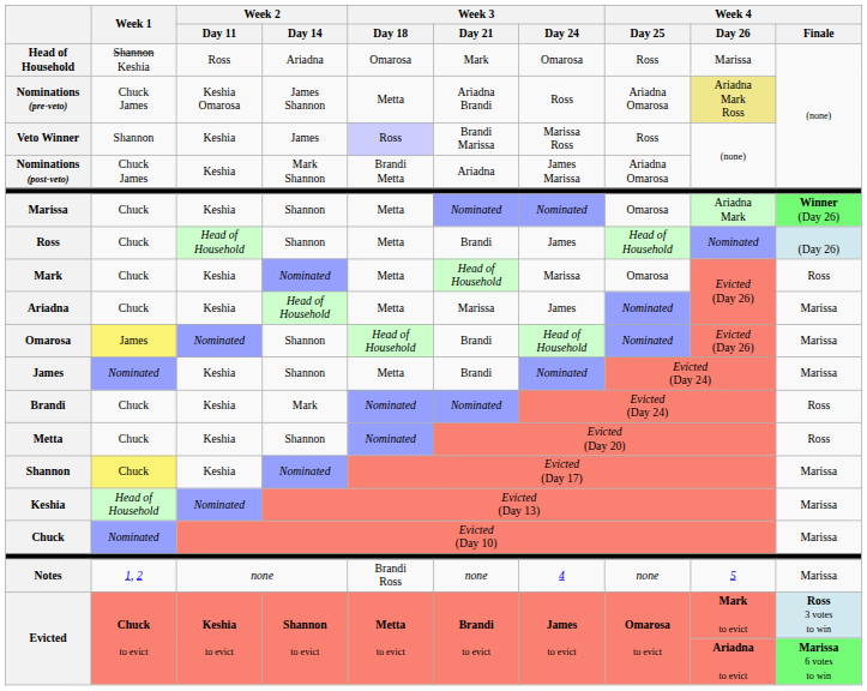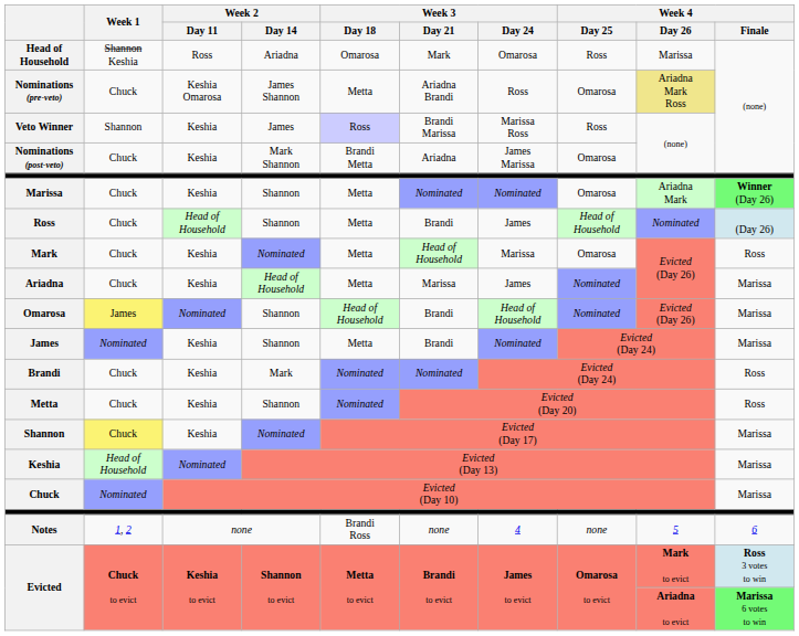 <table class="wikitable" style="text-align:center; font-size:85%">
 <tr>
 <th style="width:8%" rowspan="2"></th>
 <th style="width:8%" rowspan="2">Week 1</th>
 <th style="width:8%" colspan=2>Week 2</th>
 <th style="width:8%" colspan=3>Week 3</th>
 <th style="width:8%" colspan=3>Week 4</th>
 </tr>
 <tr>
 <th style="width:8%">Day 11</th>
 <th style="width:8%">Day 14</th>
 <th style="width:8%">Day 18</th>
 <th style="width:8%">Day 21</th>
 <th style="width:8%">Day 24</th>
 <th style="width:8%">Day 25</th>
 <th style="width:8%">Day 26</th>
 <th style="width:8%">Finale</th>
 </tr>
 <tr>
 <th>Head of<br>Household</th>
 <td><s>Shannon</s> <br> Keshia</td>
 <td>Ross</td>
 <td>Ariadna</td>
 <td>Omarosa</td>
 <td>Mark</td>
 <td>Omarosa</td>
 <td>Ross</td>
 <td>Marissa</td>
 <td rowspan="4"><small>(none)</small></td>
 </tr>
 <tr>
 <th>Nominations<br><small><em>(pre-veto)</em></small></th>
-<td>Chuck<br>James</td>
+<td>Chuck</td>
 <td>Keshia<br>Omarosa</td>
 <td>James<br>Shannon</td>
 <td>Metta</td>
 <td>Ariadna<br>Brandi</td>
 <td>Ross</td>
-<td>Ariadna<br>Omarosa</td>
+<td>Omarosa</td>
 <td style="background: khaki;">Ariadna<br>Mark<br>Ross</td>
 </tr>
 <tr>
 <th>Veto Winner</th>
 <td>Shannon</td>
 <td>Keshia</td>
 <td>James</td>
 <td style="background:#ccf">Ross</td>
 <td>Brandi<br>Marissa</td>
 <td>Marissa<br>Ross</td>
 <td>Ross</td>
 <td rowspan="2"><small>(none)</small></td>
 </tr>
 <tr>
 <th>Nominations<br><small><em>(post-veto)</em></small></th>
-<td>Chuck<br>James</td>
+<td>Chuck</td>
 <td>Keshia</td>
 <td>Mark<br>Shannon</td>
 <td>Brandi<br>Metta</td>
 <td>Ariadna</td>
 <td>James<br>Marissa</td>
-<td>Ariadna<br>Omarosa</td>
+<td>Omarosa</td>
 </tr>
 <tr>
 <th colspan="10" style="background:#000000"></th>
 </tr>
 <tr>
 <th>Marissa</th>
 <td>Chuck</td>
 <td>Keshia</td>
 <td>Shannon</td>
 <td>Metta</td>
 <td style="background:#959ffd"><em>Nominated</em></td>
 <td style="background:#959ffd"><em>Nominated</em></td>
 <td>Omarosa</td>
 <td style="background:#cfc">Ariadna<br>Mark</td>
 <td style="background:#73FB76"><strong>Winner</strong><br>(Day 26)</td>
 </tr>
 <tr>
 <th>Ross</th>
 <td>Chuck</td>
 <td style="background:#cfc"><em>Head of</em><br><em>Household</em></td>
 <td>Shannon</td>
 <td>Metta</td>
 <td>Brandi</td>
 <td>James</td>
 <td style="background:#cfc"><em>Head of</em><br><em>Household</em></td>
 <td style="background:#959ffd"><em>Nominated</em></td>
 <td style="background:#D1E8EF"><strong></strong><br>(Day 26)</td>
 </tr>
 <tr>
 <th>Mark</th>
 <td>Chuck</td>
 <td>Keshia</td>
 <td style="background:#959ffd"><em>Nominated</em></td>
 <td>Metta</td>
 <td style="background:#cfc"><em>Head of</em><br><em>Household</em></td>
 <td>Marissa</td>
 <td>Omarosa</td>
 <td rowspan="2" colspan="1" style="background:salmon"><em>Evicted</em><br>(Day 26)</td>
 <td>Ross</td>
 </tr>
 <tr>
 <th>Ariadna</th>
 <td>Chuck</td>
 <td>Keshia</td>
 <td style="background:#cfc"><em>Head of</em><br><em>Household</em></td>
 <td>Metta</td>
 <td>Marissa</td>
 <td>James</td>
 <td style="background:#959ffd"><em>Nominated</em></td>
 <td>Marissa</td>
 </tr>
 <tr>
 <th>Omarosa</th>
 <td style="background:#FBF373">James</td>
 <td style="background:#959ffd"><em>Nominated</em></td>
 <td>Shannon</td>
 <td style="background:#cfc"><em>Head of</em><br><em>Household</em></td>
 <td>Brandi</td>
 <td style="background:#cfc"><em>Head of</em><br><em>Household</em></td>
 <td style="background:#959ffd"><em>Nominated</em></td>
 <td colspan="1" style="background:salmon"><em>Evicted</em><br>(Day 26)</td>
 <td>Marissa</td>
 </tr>
 <tr>
 <th>James</th>
 <td style="background:#959ffd"><em>Nominated</em></td>
 <td>Keshia</td>
 <td>Shannon</td>
 <td>Metta</td>
 <td>Brandi</td>
 <td style="background:#959ffd"><em>Nominated</em></td>
 <td colspan="2" style="background:salmon"><em>Evicted</em><br>(Day 24)</td>
 <td>Marissa</td>
 </tr>
 <tr>
 <th>Brandi</th>
 <td>Chuck</td>
 <td>Keshia</td>
 <td>Mark</td>
 <td style="background:#959ffd"><em>Nominated</em></td>
 <td style="background:#959ffd"><em>Nominated</em></td>
 <td colspan="3" style="background:salmon"><em>Evicted</em><br>(Day 24)</td>
 <td>Ross</td>
 </tr>
 <tr>
 <th>Metta</th>
 <td>Chuck</td>
 <td>Keshia</td>
 <td>Shannon</td>
 <td style="background:#959ffd"><em>Nominated</em></td>
 <td colspan="4" style="background:salmon"><em>Evicted</em><br>(Day 20)</td>
 <td>Ross</td>
 </tr>
 <tr>
 <th>Shannon</th>
 <td style="background:#FBF373">Chuck</td>
 <td>Keshia</td>
 <td style="background:#959ffd"><em>Nominated</em></td>
 <td colspan="5" style="background:salmon"><em>Evicted</em><br>(Day 17)</td>
 <td>Marissa</td>
 </tr>
 <tr>
 <th>Keshia</th>
 <td style="background:#cfc"><em>Head of</em><br><em>Household</em></td>
 <td style="background:#959ffd"><em>Nominated</em></td>
 <td colspan="6" style="background:salmon"><em>Evicted</em><br>(Day 13)</td>
 <td>Marissa</td>
 </tr>
 <tr>
 <th>Chuck</th>
 <td style="background:#959ffd"><em>Nominated</em></td>
 <td colspan="7" style="background:salmon"><em>Evicted</em><br>(Day 10)</td>
 <td>Marissa</td>
 </tr>
 <tr>
 <th colspan="10" style="background:#000"></th>
 </tr>
 <tr>
 <th>Notes</th>
 <td><em><a href='#'>1</a></em>, <em><a href='#'>2</a></em></td>
 <td colspan="2"><em>none</em></td>
 <td>Brandi<br>Ross</td>
 <td><em>none</em></td>
 <td><em><a href='#'>4</a></em></td>
 <td><em>none</em></td>
 <td><em><a href='#'>5</a></em></td>
-<td>Marissa</td>
+<td><em><a href='#'>6</a></em></td>
 </tr>
 <tr>
 <th rowspan="2">Evicted</th>
 <td style="background:salmon" rowspan="2"><strong>Chuck</strong><br><small><br>to evict</small></td>
 <td style="background:salmon" rowspan="2"><strong>Keshia</strong><br><small><br>to evict</small></td>
 <td style="background:salmon" rowspan="2"><strong>Shannon</strong><br><small><br>to evict</small></td>
 <td style="background:salmon" rowspan="2"><strong>Metta</strong><br><small><br>to evict</small></td>
 <td style="background:salmon" rowspan="2"><strong>Brandi</strong><br><small><br>to evict</small></td>
 <td style="background:salmon" rowspan="2"><strong>James</strong><br><small><br>to evict</small></td>
 <td style="background:salmon" rowspan="2"><strong>Omarosa</strong><br><small><br>to evict</small></td>
 <td style="background:salmon"><strong>Mark</strong><br><small><br>to evict</small></td>
 <td style="background:#D1E8EF"><strong>Ross</strong><br><small>3 votes<br>to win</small></td>
 </tr>
 <tr>
 <td style="background:salmon"><strong>Ariadna</strong><br><small><br>to evict</small></td>
 <td style="background:#73FB76"><strong>Marissa</strong><br><small>6 votes<br>to win</small></td>
 </tr>
 </table>
